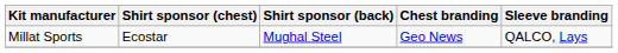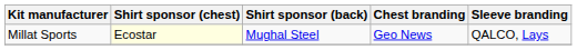 <table class="wikitable"  style="font-size:85%;">
 <tr>
 <th>Kit manufacturer</th>
 <th>Shirt sponsor (chest)</th>
 <th>Shirt sponsor (back)</th>
 <th>Chest branding</th>
 <th>Sleeve branding</th>
 </tr>
 <tr>
 <td>Millat Sports</td>
-<td>Ecostar</td>
+<td style="background: lightyellow;">Ecostar</td>
 <td><a href='#'>Mughal Steel</a></td>
 <td><a href='#'>Geo News</a></td>
 <td>QALCO, <a href='#'>Lays</a></td>
 </tr>
 <tr>
 </tr>
 </table>
